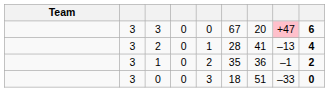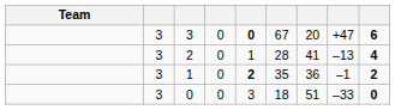 <table class="wikitable" style="text-align:center; font-size:95%;">
 <tr>
 <th width=160>Team</th>
 <th width=30></th>
 <th width=30></th>
 <th width=30></th>
 <th width=30></th>
 <th width=30></th>
 <th width=30></th>
 <th width=30></th>
 <th width=30></th>
 </tr>
 <tr>
 <td align=left></td>
 <td>3</td>
 <td>3</td>
 <td>0</td>
-<td>0</td>
+<td><strong>0</strong></td>
 <td>67</td>
 <td>20</td>
-<td style="background: pink;">+47</td>
+<td>+47</td>
 <td><strong>6</strong></td>
 </tr>
 <tr>
 <td align=left></td>
 <td>3</td>
 <td>2</td>
 <td>0</td>
 <td>1</td>
 <td>28</td>
 <td>41</td>
 <td>–13</td>
 <td><strong>4</strong></td>
 </tr>
 <tr>
 <td align=left></td>
 <td>3</td>
 <td>1</td>
 <td>0</td>
-<td>2</td>
+<td><strong>2</strong></td>
 <td>35</td>
 <td>36</td>
 <td>–1</td>
 <td><strong>2</strong></td>
 </tr>
 <tr>
 <td align=left></td>
 <td>3</td>
 <td>0</td>
 <td>0</td>
 <td>3</td>
 <td>18</td>
 <td>51</td>
 <td>–33</td>
 <td><strong>0</strong></td>
 </tr>
 </table>
